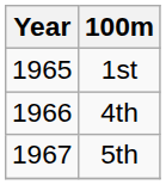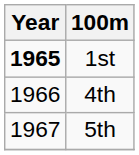 <table class=wikitable>
 <tr>
 <th>Year</th>
 <th>100m</th>
 </tr>
 <tr>
-<td>1965</td>
+<td><strong>1965</strong></td>
 <td align="center">1st</td>
 </tr>
 <tr>
 <td>1966</td>
 <td align="center">4th</td>
 </tr>
 <tr>
 <td>1967</td>
 <td align="center">5th</td>
 </tr>
 <tr>
 </tr>
 </table>
